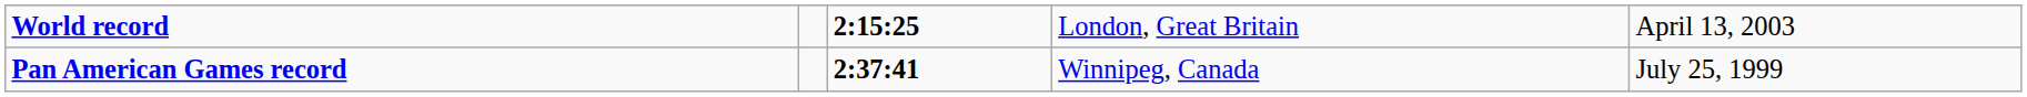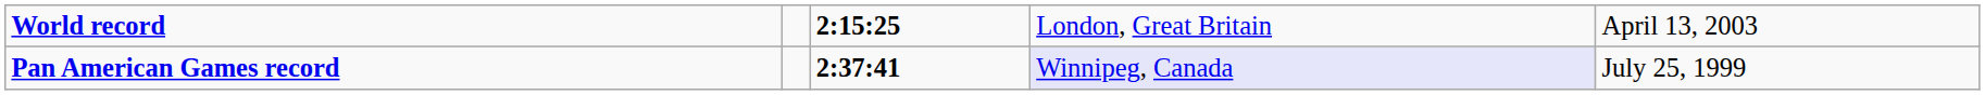 <table class="wikitable" width=75%>
 <tr>
 <td><strong><a href='#'>World record</a></strong></td>
 <td></td>
 <td><strong>2:15:25</strong></td>
 <td><a href='#'>London</a>, <a href='#'>Great Britain</a></td>
 <td>April 13, 2003</td>
 </tr>
 <tr>
 <td><strong><a href='#'>Pan American Games record</a></strong></td>
 <td></td>
 <td><strong>2:37:41</strong></td>
-<td><a href='#'>Winnipeg</a>, <a href='#'>Canada</a></td>
+<td style="background: lavender;"><a href='#'>Winnipeg</a>, <a href='#'>Canada</a></td>
 <td>July 25, 1999</td>
 </tr>
 </table>
